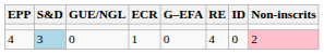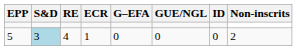 <table class="wikitable">
 <tr>
 <th>EPP</th>
 <th>S&D</th>
-<th>GUE/NGL</th>
+<th>RE</th>
 <th>ECR</th>
 <th>G–EFA</th>
-<th>RE</th>
+<th>GUE/NGL</th>
 <th>ID</th>
 <th>Non-inscrits</th>
 </tr>
 <tr>
 <td style="background:"></td>
 <td style="background:"></td>
 <td style="background:"></td>
 <td style="background:"></td>
 <td style="background:"></td>
 <td style="background:"></td>
 <td style="background:"></td>
 <td style="background:white"></td>
 </tr>
 <tr>
+<td>5</td>
+<td style="background: lightblue;">3</td>
 <td>4</td>
-<td style="background: lightblue;">3</td>
-<td>0</td>
 <td>1</td>
 <td>0</td>
-<td>4</td>
 <td>0</td>
-<td style="background: pink;">2</td>
+<td>0</td>
+<td>2</td>
 </tr>
 </table>
